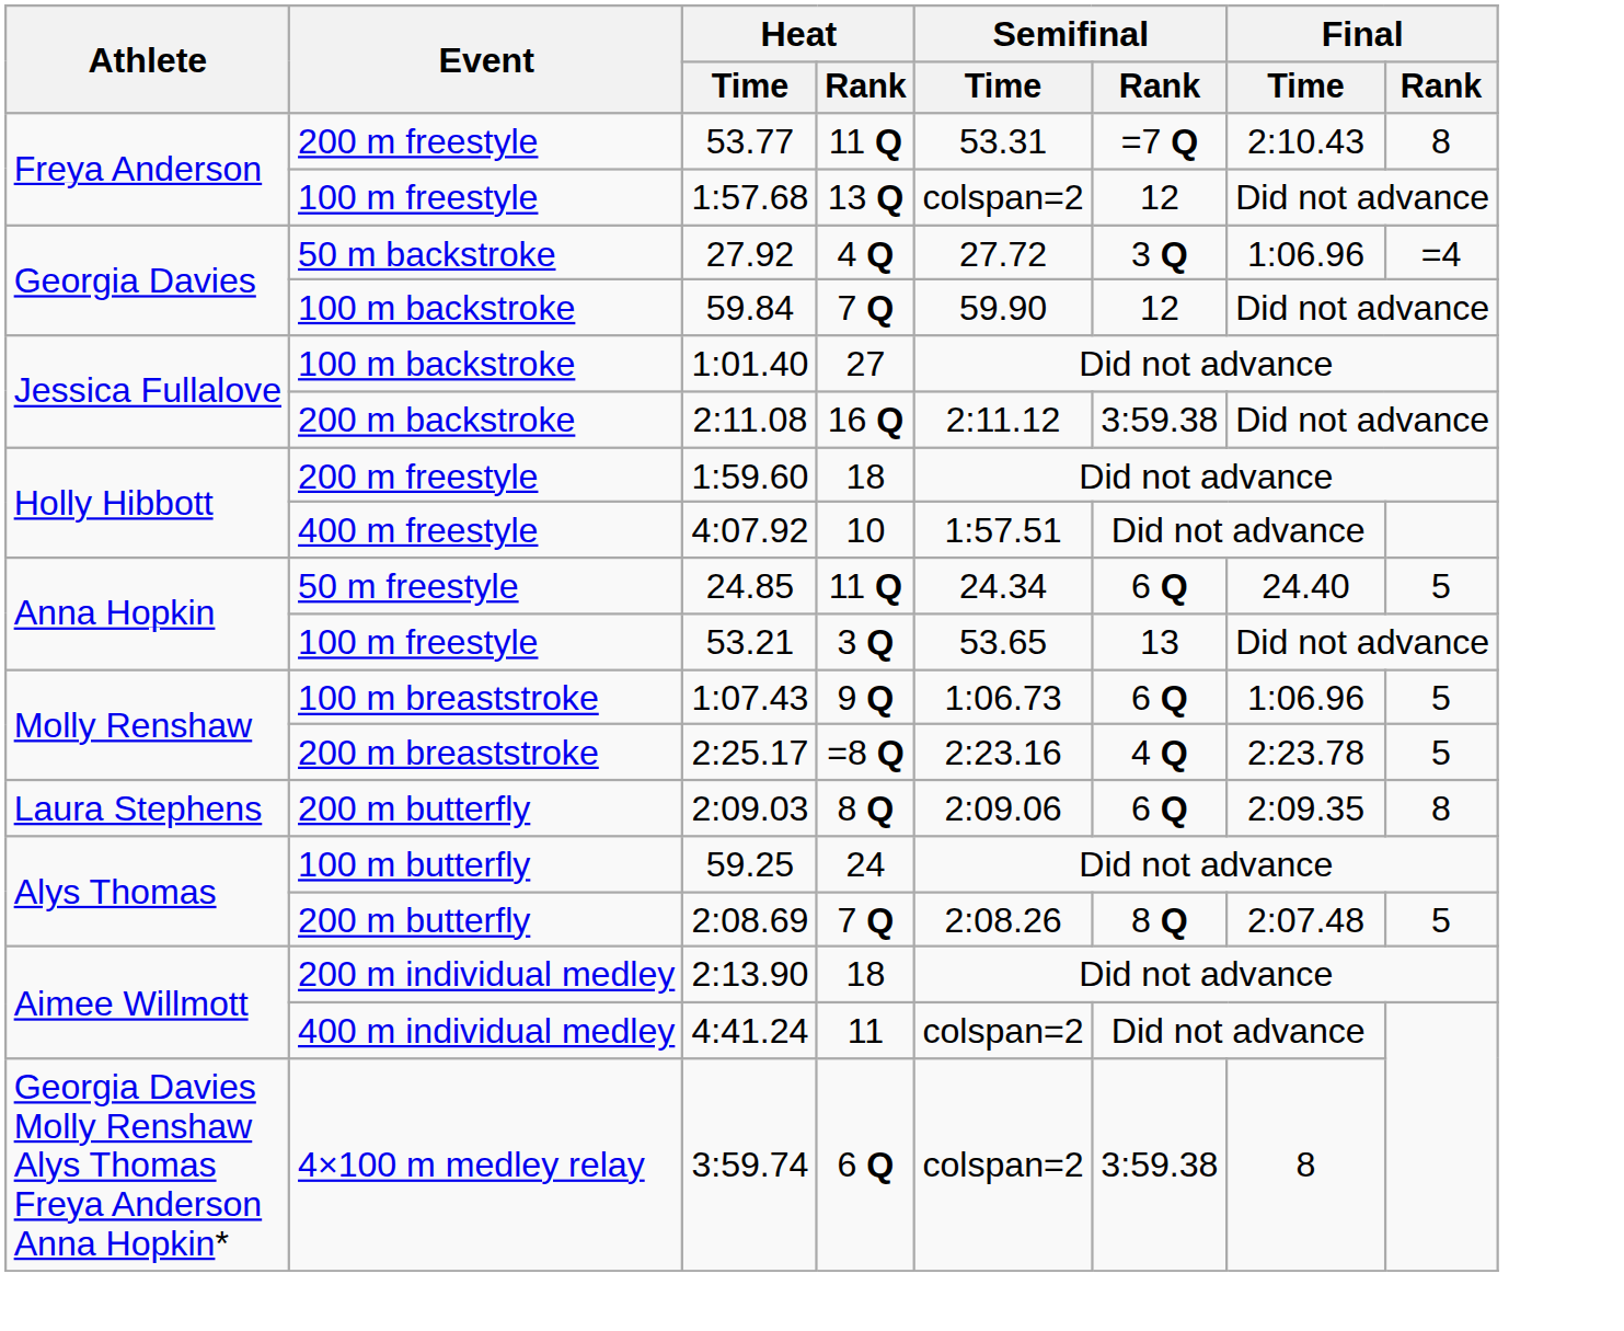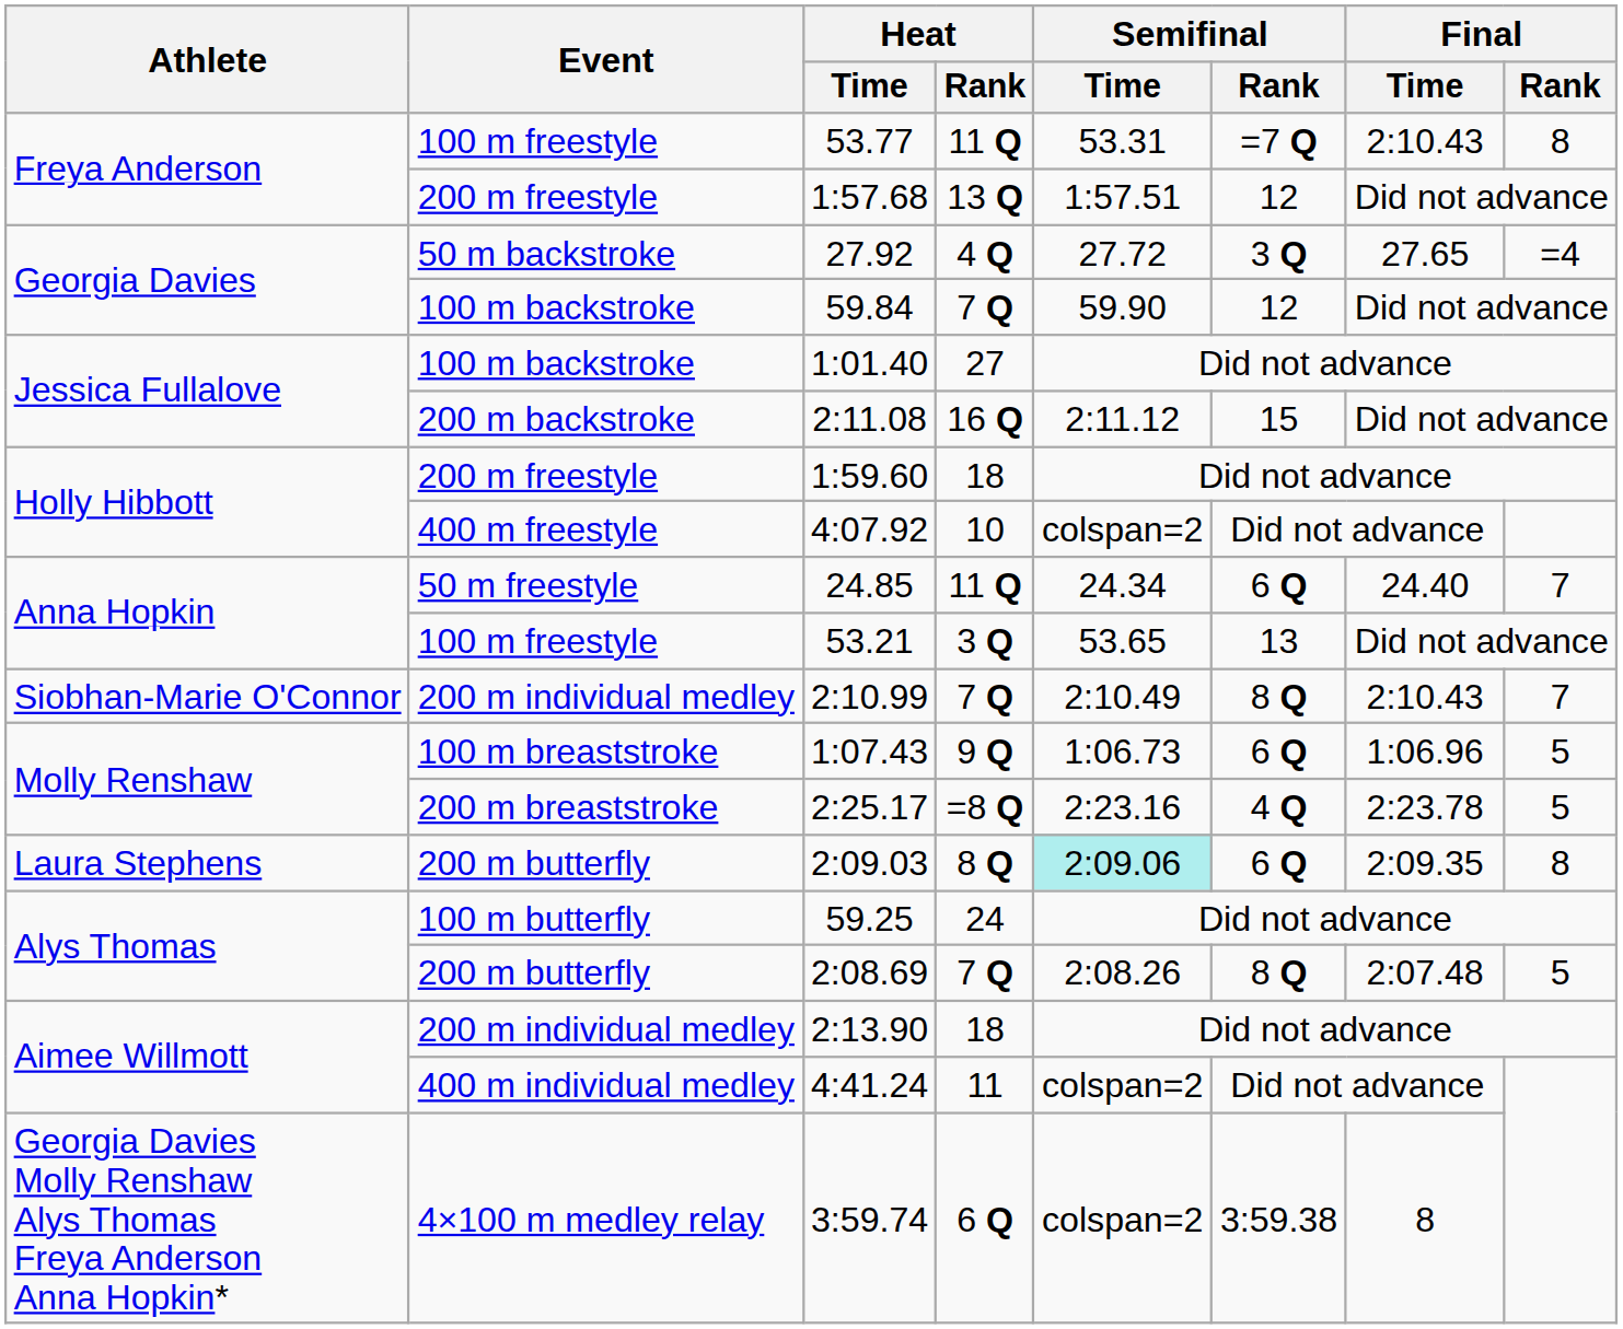 <table class="wikitable" style="text-align:center; font-size:90%">
 <tr>
 <th rowspan="2">Athlete</th>
 <th rowspan="2">Event</th>
 <th colspan="2">Heat</th>
 <th colspan="2">Semifinal</th>
 <th colspan="2">Final</th>
 </tr>
 <tr style="font-size:95%">
 <th>Time</th>
 <th>Rank</th>
 <th>Time</th>
 <th>Rank</th>
 <th>Time</th>
 <th>Rank</th>
 </tr>
 <tr>
 <td align=left rowspan=2><a href='#'>Freya Anderson</a></td>
-<td align=left><a href='#'>200 m freestyle</a></td>
+<td align=left><a href='#'>100 m freestyle</a></td>
 <td>53.77</td>
 <td>11 <strong>Q</strong></td>
 <td>53.31</td>
 <td>=7 <strong>Q</strong></td>
 <td>2:10.43</td>
 <td>8</td>
 </tr>
 <tr>
-<td align=left><a href='#'>100 m freestyle</a></td>
+<td align=left><a href='#'>200 m freestyle</a></td>
 <td>1:57.68</td>
 <td>13 <strong>Q</strong></td>
-<td>colspan=2 </td>
+<td>1:57.51</td>
 <td>12</td>
 <td colspan=2>Did not advance</td>
 </tr>
 <tr>
 <td align=left rowspan=2><a href='#'>Georgia Davies</a></td>
 <td align=left><a href='#'>50 m backstroke</a></td>
 <td>27.92</td>
 <td>4 <strong>Q</strong></td>
 <td>27.72</td>
 <td>3 <strong>Q</strong></td>
-<td>1:06.96</td>
+<td>27.65</td>
 <td>=4</td>
 </tr>
 <tr>
 <td align=left><a href='#'>100 m backstroke</a></td>
 <td>59.84</td>
 <td>7 <strong>Q</strong></td>
 <td>59.90</td>
 <td>12</td>
 <td colspan=2>Did not advance</td>
 </tr>
 <tr>
 <td align=left rowspan=2><a href='#'>Jessica Fullalove</a></td>
 <td align=left><a href='#'>100 m backstroke</a></td>
 <td>1:01.40</td>
 <td>27</td>
 <td colspan=4>Did not advance</td>
 </tr>
 <tr>
 <td align=left><a href='#'>200 m backstroke</a></td>
 <td>2:11.08</td>
 <td>16 <strong>Q</strong></td>
 <td>2:11.12</td>
-<td>3:59.38</td>
+<td>15</td>
 <td colspan=2>Did not advance</td>
 </tr>
 <tr>
 <td align=left rowspan=2><a href='#'>Holly Hibbott</a></td>
 <td align=left><a href='#'>200 m freestyle</a></td>
 <td>1:59.60</td>
 <td>18</td>
 <td colspan=4>Did not advance</td>
 </tr>
 <tr>
 <td align=left><a href='#'>400 m freestyle</a></td>
 <td>4:07.92</td>
 <td>10</td>
-<td>1:57.51</td>
+<td>colspan=2 </td>
 <td colspan=2>Did not advance</td>
 </tr>
 <tr>
 <td align=left rowspan=2><a href='#'>Anna Hopkin</a></td>
 <td align=left><a href='#'>50 m freestyle</a></td>
 <td>24.85</td>
 <td>11 <strong>Q</strong></td>
 <td>24.34</td>
 <td>6 <strong>Q</strong></td>
 <td>24.40</td>
-<td>5</td>
+<td>7</td>
 </tr>
 <tr>
 <td align=left><a href='#'>100 m freestyle</a></td>
 <td>53.21</td>
 <td>3 <strong>Q</strong></td>
 <td>53.65</td>
 <td>13</td>
 <td colspan=2>Did not advance</td>
+</tr>
+<tr>
+<td align=left><a href='#'>Siobhan-Marie O'Connor</a></td>
+<td align=left><a href='#'>200 m individual medley</a></td>
+<td>2:10.99</td>
+<td>7 <strong>Q</strong></td>
+<td>2:10.49</td>
+<td>8 <strong>Q</strong></td>
+<td>2:10.43</td>
+<td>7</td>
 </tr>
 <tr>
 <td align=left rowspan=2><a href='#'>Molly Renshaw</a></td>
 <td align=left><a href='#'>100 m breaststroke</a></td>
 <td>1:07.43</td>
 <td>9 <strong>Q</strong></td>
 <td>1:06.73</td>
 <td>6 <strong>Q</strong></td>
 <td>1:06.96</td>
 <td>5</td>
 </tr>
 <tr>
 <td align=left><a href='#'>200 m breaststroke</a></td>
 <td>2:25.17</td>
 <td>=8 <strong>Q</strong></td>
 <td>2:23.16</td>
 <td>4 <strong>Q</strong></td>
 <td>2:23.78</td>
 <td>5</td>
 </tr>
 <tr>
 <td align=left><a href='#'>Laura Stephens</a></td>
 <td align=left><a href='#'>200 m butterfly</a></td>
 <td>2:09.03</td>
 <td>8 <strong>Q</strong></td>
-<td>2:09.06</td>
+<td style="background: paleturquoise;">2:09.06</td>
 <td>6 <strong>Q</strong></td>
 <td>2:09.35</td>
 <td>8</td>
 </tr>
 <tr>
 <td align=left rowspan=2><a href='#'>Alys Thomas</a></td>
 <td align=left><a href='#'>100 m butterfly</a></td>
 <td>59.25</td>
 <td>24</td>
 <td colspan=4>Did not advance</td>
 </tr>
 <tr>
 <td align=left><a href='#'>200 m butterfly</a></td>
 <td>2:08.69</td>
 <td>7 <strong>Q</strong></td>
 <td>2:08.26</td>
 <td>8 <strong>Q</strong></td>
 <td>2:07.48</td>
 <td>5</td>
 </tr>
 <tr>
 <td align=left rowspan=2><a href='#'>Aimee Willmott</a></td>
 <td align=left><a href='#'>200 m individual medley</a></td>
 <td>2:13.90</td>
 <td>18</td>
 <td colspan=4>Did not advance</td>
 </tr>
 <tr>
 <td align=left><a href='#'>400 m individual medley</a></td>
 <td>4:41.24</td>
 <td>11</td>
 <td>colspan=2 </td>
 <td colspan=2>Did not advance</td>
 </tr>
 <tr>
 <td align=left><a href='#'>Georgia Davies</a><br><a href='#'>Molly Renshaw</a><br><a href='#'>Alys Thomas</a><br><a href='#'>Freya Anderson</a><br><a href='#'>Anna Hopkin</a>*</td>
 <td align=left><a href='#'>4×100 m medley relay</a></td>
 <td>3:59.74</td>
 <td>6 <strong>Q</strong></td>
 <td>colspan=2 </td>
 <td>3:59.38</td>
 <td>8</td>
 </tr>
 </table>
